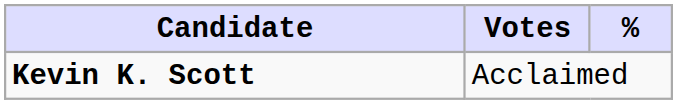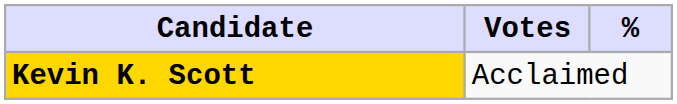 <table class="wikitable">
 <tr>
 <th style="background:#ddf; width:200px;">Candidate</th>
 <th style="background:#ddf; width:50px;">Votes</th>
 <th style="background:#ddf; width:30px;">%</th>
 </tr>
 <tr>
-<td><strong>Kevin K. Scott</strong></td>
+<td style="background: gold;"><strong>Kevin K. Scott</strong></td>
 <td colspan="2">Acclaimed</td>
 </tr>
 </table>
